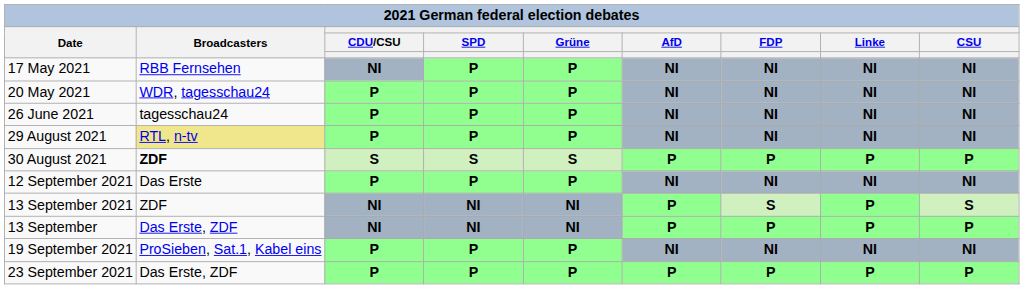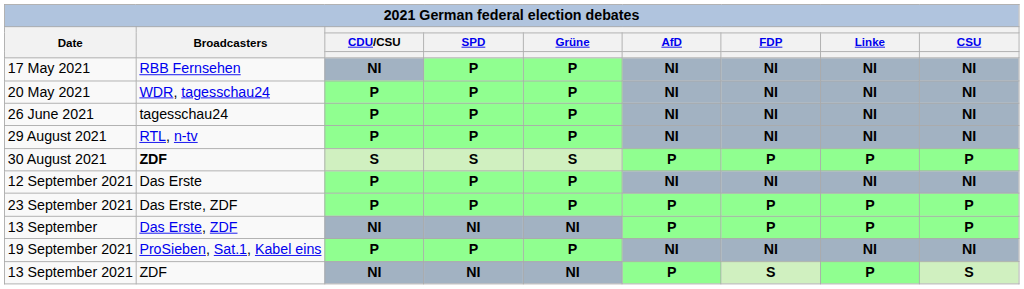 <table class="wikitable" style="text-justify: none">
 <tr>
 <th colspan="9" style="background:#B0C4DE">2021 German federal election debates</th>
 </tr>
 <tr style="font-size:small;">
 <th rowspan="3">Date</th>
 <th rowspan="3">Broadcasters</th>
 <th colspan="7" scope="col">    </th>
 </tr>
 <tr style="font-size:small;">
 <th scope="col"><a href='#'>CDU</a>/CSU</th>
 <th scope="col"><a href='#'>SPD</a></th>
 <th scope="col"><a href='#'>Grüne</a></th>
 <th scope="col"><a href='#'>AfD</a></th>
 <th scope="col"><a href='#'>FDP</a></th>
 <th scope="col"><a href='#'>Linke</a></th>
 <th scope="col"><a href='#'>CSU</a></th>
 </tr>
 <tr>
 <th style="width:6.5em; background:"></th>
 <th style="width:6.5em; background:"></th>
 <th style="width:6.5em; background:"></th>
 <th style="width:6.5em; background:"></th>
 <th style="width:6.5em; background:"></th>
 <th style="width:6.5em; background:"></th>
 <th style="width:6.5em; background:"></th>
 </tr>
 <tr>
 <td>17 May 2021</td>
 <td><a href='#'>RBB Fernsehen</a></td>
 <td style="background:#A2B2C2; color:black; text-align:center;"><strong>NI</strong></td>
 <td style="background:#90ff90; color:black; text-align:center;"><strong>P</strong><br></td>
 <td style="background:#90ff90; color:black; text-align:center;"><strong>P</strong><br></td>
 <td style="background:#A2B2C2; color:black; text-align:center;"><strong>NI</strong></td>
 <td style="background:#A2B2C2; color:black; text-align:center;"><strong>NI</strong></td>
 <td style="background:#A2B2C2; color:black; text-align:center;"><strong>NI</strong></td>
 <td style="background:#A2B2C2; color:black; text-align:center;"><strong>NI</strong></td>
 </tr>
 <tr>
 <td>20 May 2021</td>
 <td><a href='#'>WDR</a>, <a href='#'>tagesschau24</a></td>
 <td style="background:#90ff90; color:black; text-align:center;"><strong>P</strong><br></td>
 <td style="background:#90ff90; color:black; text-align:center;"><strong>P</strong><br></td>
 <td style="background:#90ff90; color:black; text-align:center;"><strong>P</strong><br></td>
 <td style="background:#A2B2C2; color:black; text-align:center;"><strong>NI</strong></td>
 <td style="background:#A2B2C2; color:black; text-align:center;"><strong>NI</strong></td>
 <td style="background:#A2B2C2; color:black; text-align:center;"><strong>NI</strong></td>
 <td style="background:#A2B2C2; color:black; text-align:center;"><strong>NI</strong></td>
 </tr>
 <tr>
 <td>26 June 2021</td>
 <td>tagesschau24</td>
 <td style="background:#90ff90; color:black; text-align:center;"><strong>P</strong><br></td>
 <td style="background:#90ff90; color:black; text-align:center;"><strong>P</strong><br></td>
 <td style="background:#90ff90; color:black; text-align:center;"><strong>P</strong><br></td>
 <td style="background:#A2B2C2; color:black; text-align:center;"><strong>NI</strong></td>
 <td style="background:#A2B2C2; color:black; text-align:center;"><strong>NI</strong></td>
 <td style="background:#A2B2C2; color:black; text-align:center;"><strong>NI</strong></td>
 <td style="background:#A2B2C2; color:black; text-align:center;"><strong>NI</strong></td>
 </tr>
 <tr>
 <td>29 August 2021</td>
-<td style="background: khaki;"><a href='#'>RTL</a>, <a href='#'>n-tv</a></td>
+<td><a href='#'>RTL</a>, <a href='#'>n-tv</a></td>
 <td style="background:#90ff90; color:black; text-align:center;"><strong>P</strong><br></td>
 <td style="background:#90ff90; color:black; text-align:center;"><strong>P</strong><br></td>
 <td style="background:#90ff90; color:black; text-align:center;"><strong>P</strong><br></td>
 <td style="background:#A2B2C2; color:black; text-align:center;"><strong>NI</strong></td>
 <td style="background:#A2B2C2; color:black; text-align:center;"><strong>NI</strong></td>
 <td style="background:#A2B2C2; color:black; text-align:center;"><strong>NI</strong></td>
 <td style="background:#A2B2C2; color:black; text-align:center;"><strong>NI</strong></td>
 </tr>
 <tr>
 <td>30 August 2021</td>
 <td><strong>ZDF</strong></td>
 <td style="background:#D0F0C0; color:black; text-align:center;"><strong>S</strong><br></td>
 <td style="background:#D0F0C0; color:black; text-align:center;"><strong>S</strong><br></td>
 <td style="background:#D0F0C0; color:black; text-align:center;"><strong>S</strong><br></td>
 <td style="background:#90ff90; color:black; text-align:center;"><strong>P</strong><br></td>
 <td style="background:#90ff90; color:black; text-align:center;"><strong>P</strong><br></td>
 <td style="background:#90ff90; color:black; text-align:center;"><strong>P</strong><br></td>
 <td style="background:#90ff90; color:black; text-align:center;"><strong>P</strong><br></td>
 </tr>
 <tr>
 <td>12 September 2021</td>
 <td>Das Erste</td>
 <td style="background:#90ff90; color:black; text-align:center;"><strong>P</strong><br></td>
 <td style="background:#90ff90; color:black; text-align:center;"><strong>P</strong><br></td>
 <td style="background:#90ff90; color:black; text-align:center;"><strong>P</strong><br></td>
 <td style="background:#A2B2C2; color:black; text-align:center;"><strong>NI</strong></td>
 <td style="background:#A2B2C2; color:black; text-align:center;"><strong>NI</strong></td>
 <td style="background:#A2B2C2; color:black; text-align:center;"><strong>NI</strong></td>
 <td style="background:#A2B2C2; color:black; text-align:center;"><strong>NI</strong></td>
 </tr>
 <tr>
-<td>13 September 2021</td>
-<td>ZDF</td>
-<td style="background:#A2B2C2; color:black; text-align:center;"><strong>NI</strong></td>
-<td style="background:#A2B2C2; color:black; text-align:center;"><strong>NI</strong></td>
-<td style="background:#A2B2C2; color:black; text-align:center;"><strong>NI</strong></td>
+<td>23 September 2021</td>
+<td>Das Erste, ZDF</td>
 <td style="background:#90ff90; color:black; text-align:center;"><strong>P</strong><br></td>
-<td style="background:#D0F0C0; color:black; text-align:center;"><strong>S</strong><br></td>
 <td style="background:#90ff90; color:black; text-align:center;"><strong>P</strong><br></td>
-<td style="background:#D0F0C0; color:black; text-align:center;"><strong>S</strong><br></td>
+<td style="background:#90ff90; color:black; text-align:center;"><strong>P</strong><br></td>
+<td style="background:#90ff90; color:black; text-align:center;"><strong>P</strong><br></td>
+<td style="background:#90ff90; color:black; text-align:center;"><strong>P</strong><br></td>
+<td style="background:#90ff90; color:black; text-align:center;"><strong>P</strong><br></td>
+<td style="background:#90ff90; color:black; text-align:center;"><strong>P</strong><br></td>
 </tr>
 <tr>
 <td>13 September</td>
 <td><a href='#'>Das Erste</a>, <a href='#'>ZDF</a></td>
 <td style="background:#A2B2C2; color:black; text-align:center;"><strong>NI</strong></td>
 <td style="background:#A2B2C2; color:black; text-align:center;"><strong>NI</strong></td>
 <td style="background:#A2B2C2; color:black; text-align:center;"><strong>NI</strong></td>
 <td style="background:#90ff90; color:black; text-align:center;"><strong>P</strong><br></td>
 <td style="background:#90ff90; color:black; text-align:center;"><strong>P</strong><br></td>
 <td style="background:#90ff90; color:black; text-align:center;"><strong>P</strong><br></td>
 <td style="background:#90ff90; color:black; text-align:center;"><strong>P</strong><br></td>
 </tr>
 <tr>
 <td>19 September 2021</td>
 <td><a href='#'>ProSieben</a>, <a href='#'>Sat.1</a>, <a href='#'>Kabel eins</a></td>
 <td style="background:#90ff90; color:black; text-align:center;"><strong>P</strong><br></td>
 <td style="background:#90ff90; color:black; text-align:center;"><strong>P</strong><br></td>
 <td style="background:#90ff90; color:black; text-align:center;"><strong>P</strong><br></td>
 <td style="background:#A2B2C2; color:black; text-align:center;"><strong>NI</strong></td>
 <td style="background:#A2B2C2; color:black; text-align:center;"><strong>NI</strong></td>
 <td style="background:#A2B2C2; color:black; text-align:center;"><strong>NI</strong></td>
 <td style="background:#A2B2C2; color:black; text-align:center;"><strong>NI</strong></td>
 </tr>
 <tr>
-<td>23 September 2021</td>
-<td>Das Erste, ZDF</td>
+<td>13 September 2021</td>
+<td>ZDF</td>
+<td style="background:#A2B2C2; color:black; text-align:center;"><strong>NI</strong></td>
+<td style="background:#A2B2C2; color:black; text-align:center;"><strong>NI</strong></td>
+<td style="background:#A2B2C2; color:black; text-align:center;"><strong>NI</strong></td>
 <td style="background:#90ff90; color:black; text-align:center;"><strong>P</strong><br></td>
+<td style="background:#D0F0C0; color:black; text-align:center;"><strong>S</strong><br></td>
 <td style="background:#90ff90; color:black; text-align:center;"><strong>P</strong><br></td>
-<td style="background:#90ff90; color:black; text-align:center;"><strong>P</strong><br></td>
-<td style="background:#90ff90; color:black; text-align:center;"><strong>P</strong><br></td>
-<td style="background:#90ff90; color:black; text-align:center;"><strong>P</strong><br></td>
-<td style="background:#90ff90; color:black; text-align:center;"><strong>P</strong><br></td>
-<td style="background:#90ff90; color:black; text-align:center;"><strong>P</strong><br></td>
+<td style="background:#D0F0C0; color:black; text-align:center;"><strong>S</strong><br></td>
 </tr>
 </table>
